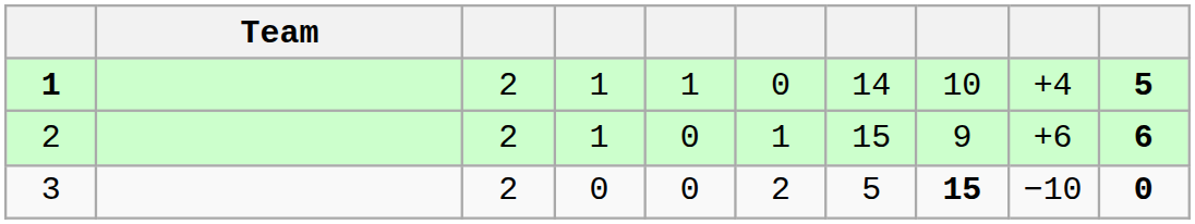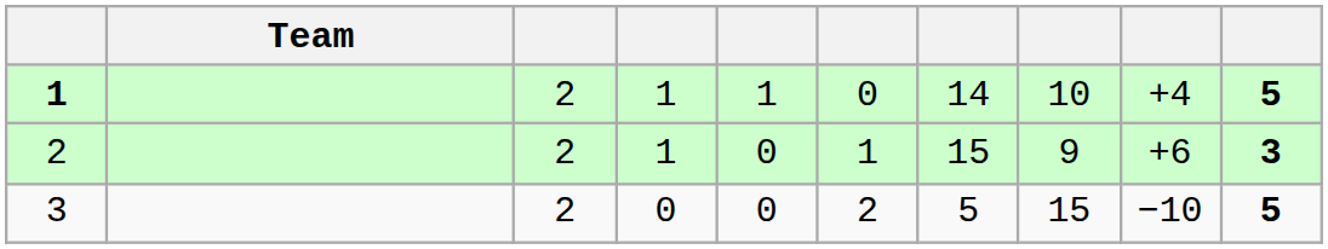 <table class="wikitable" style="text-align: center;">
 <tr>
 <th width="30"></th>
 <th width="140">Team</th>
 <th width="30"></th>
 <th width="30"></th>
 <th width="30"></th>
 <th width="30"></th>
 <th width="30"></th>
 <th width="30"></th>
 <th width="30"></th>
 <th width="30"></th>
 </tr>
 <tr align=center style="background:#ccffcc;">
 <td><strong>1</strong></td>
 <td style="text-align:left;"></td>
 <td>2</td>
 <td>1</td>
 <td>1</td>
 <td>0</td>
 <td>14</td>
 <td>10</td>
 <td>+4</td>
 <td><strong>5</strong></td>
 </tr>
 <tr align=center style="background:#ccffcc;">
 <td>2</td>
 <td style="text-align:left;"></td>
 <td>2</td>
 <td>1</td>
 <td>0</td>
 <td>1</td>
 <td>15</td>
 <td>9</td>
 <td>+6</td>
-<td><strong>6</strong></td>
+<td><strong>3</strong></td>
 </tr>
 <tr align=center style="background:">
 <td>3</td>
 <td style="text-align:left;"></td>
 <td>2</td>
 <td>0</td>
 <td>0</td>
 <td>2</td>
 <td>5</td>
-<td><strong>15</strong></td>
+<td>15</td>
 <td>−10</td>
-<td><strong>0</strong></td>
+<td><strong>5</strong></td>
 </tr>
 </table>
